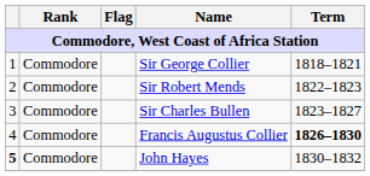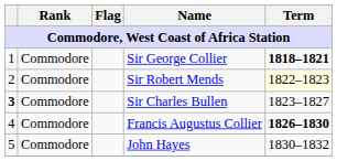 <table class="wikitable">
 <tr>
 <th></th>
 <th>Rank</th>
 <th>Flag</th>
 <th>Name</th>
 <th>Term</th>
 </tr>
 <tr>
 <td colspan="5" align="center" style="background:#dcdcfe;"><strong>Commodore, West Coast of Africa Station</strong></td>
 </tr>
 <tr>
 <td>1</td>
 <td>Commodore</td>
 <td></td>
 <td><a href='#'>Sir George Collier</a></td>
-<td>1818–1821</td>
+<td><strong>1818–1821</strong></td>
 </tr>
 <tr>
 <td>2</td>
 <td>Commodore</td>
 <td></td>
 <td><a href='#'>Sir Robert Mends</a></td>
-<td>1822–1823</td>
+<td style="background: lightyellow;">1822–1823</td>
 </tr>
 <tr>
-<td>3</td>
+<td><strong>3</strong></td>
 <td>Commodore</td>
 <td></td>
 <td><a href='#'>Sir Charles Bullen</a></td>
 <td>1823–1827</td>
 </tr>
 <tr>
 <td>4</td>
 <td>Commodore</td>
 <td></td>
 <td><a href='#'>Francis Augustus Collier</a></td>
 <td><strong>1826–1830</strong></td>
 </tr>
 <tr>
-<td><strong>5</strong></td>
+<td>5</td>
 <td>Commodore</td>
 <td></td>
 <td><a href='#'>John Hayes</a></td>
 <td>1830–1832</td>
 </tr>
 <tr>
 </tr>
 </table>
